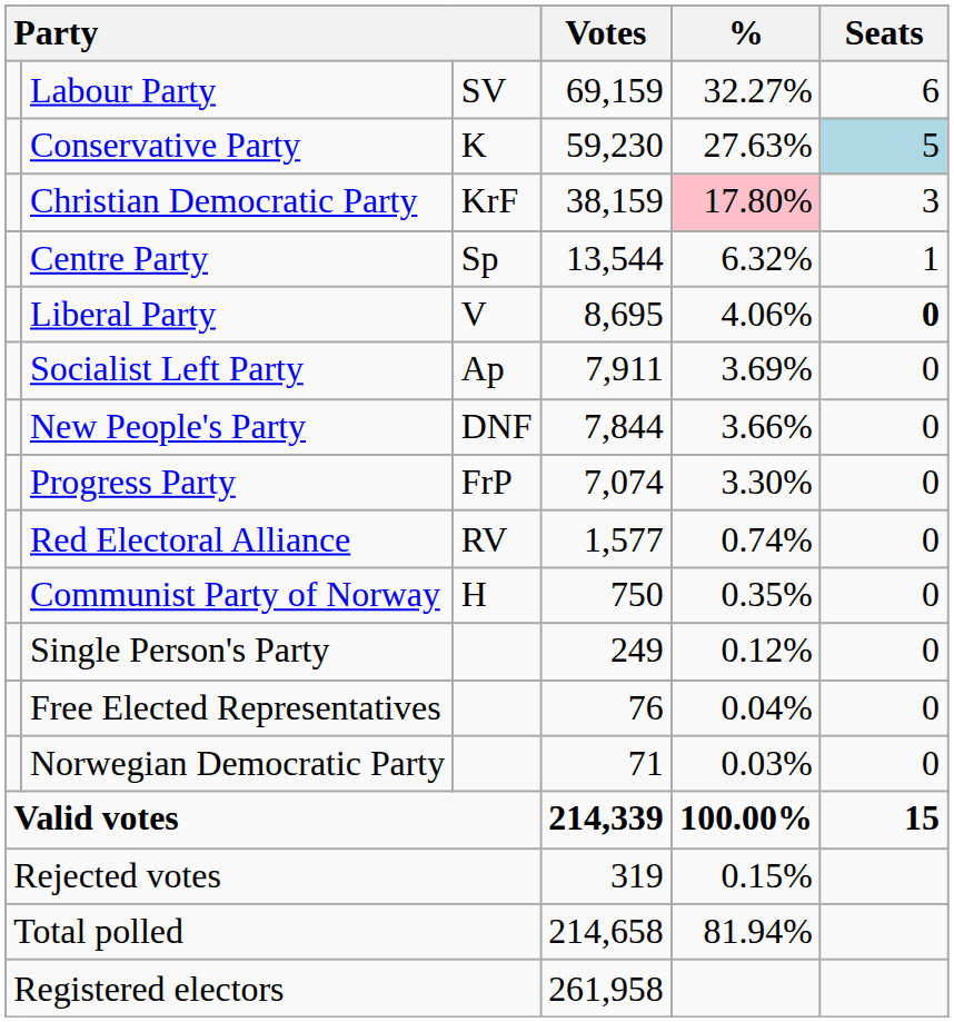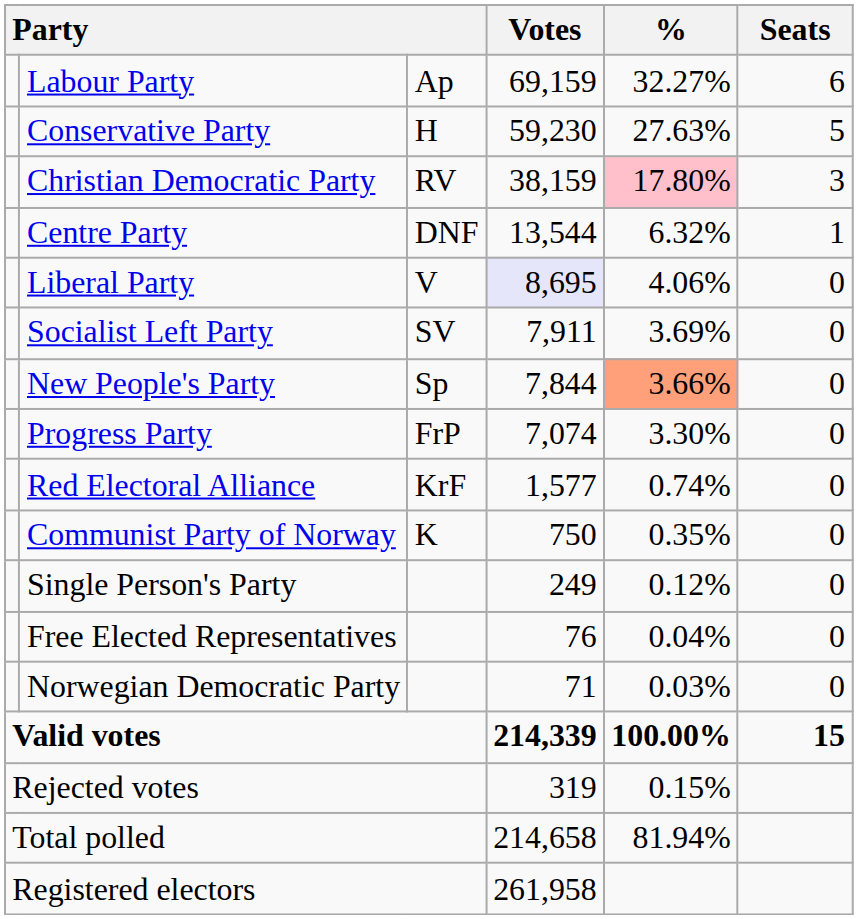 <table class="wikitable" border="1" style="text-align:right;">
 <tr>
 <th style="text-align:left;" colspan=3>Party</th>
 <th align=center width="50">Votes</th>
 <th align=center width="50">%</th>
 <th align=center width="50">Seats</th>
 </tr>
 <tr>
 <td style="color:inherit;background:"></td>
 <td align=left><a href='#'>Labour Party</a></td>
-<td align=left>SV</td>
+<td align=left>Ap</td>
 <td>69,159</td>
 <td>32.27%</td>
 <td>6</td>
 </tr>
 <tr>
 <td style="color:inherit;background:"></td>
 <td align=left><a href='#'>Conservative Party</a></td>
-<td align=left>K</td>
+<td align=left>H</td>
 <td>59,230</td>
 <td>27.63%</td>
-<td style="background: lightblue;">5</td>
+<td>5</td>
 </tr>
 <tr>
 <td style="color:inherit;background:"></td>
 <td align=left><a href='#'>Christian Democratic Party</a></td>
-<td align=left>KrF</td>
+<td align=left>RV</td>
 <td>38,159</td>
 <td style="background: pink;">17.80%</td>
 <td>3</td>
 </tr>
 <tr>
 <td style="color:inherit;background:"></td>
 <td align=left><a href='#'>Centre Party</a></td>
-<td align=left>Sp</td>
+<td align=left>DNF</td>
 <td>13,544</td>
 <td>6.32%</td>
 <td>1</td>
 </tr>
 <tr>
 <td style="color:inherit;background:"></td>
 <td align=left><a href='#'>Liberal Party</a></td>
 <td align=left>V</td>
-<td>8,695</td>
+<td style="background: lavender;">8,695</td>
 <td>4.06%</td>
-<td><strong>0</strong></td>
+<td>0</td>
 </tr>
 <tr>
 <td style="color:inherit;background:"></td>
 <td align=left><a href='#'>Socialist Left Party</a></td>
-<td align=left>Ap</td>
+<td align=left>SV</td>
 <td>7,911</td>
 <td>3.69%</td>
 <td>0</td>
 </tr>
 <tr>
 <td style="color:inherit;background:"></td>
 <td align=left><a href='#'>New People's Party</a></td>
-<td align=left>DNF</td>
+<td align=left>Sp</td>
 <td>7,844</td>
-<td>3.66%</td>
+<td style="background: lightsalmon;">3.66%</td>
 <td>0</td>
 </tr>
 <tr>
 <td style="color:inherit;background:"></td>
 <td align=left><a href='#'>Progress Party</a></td>
 <td align=left>FrP</td>
 <td>7,074</td>
 <td>3.30%</td>
 <td>0</td>
 </tr>
 <tr>
 <td style="color:inherit;background:"></td>
 <td align=left><a href='#'>Red Electoral Alliance</a></td>
-<td align=left>RV</td>
+<td align=left>KrF</td>
 <td>1,577</td>
 <td>0.74%</td>
 <td>0</td>
 </tr>
 <tr>
 <td style="color:inherit;background:"></td>
 <td align=left><a href='#'>Communist Party of Norway</a></td>
-<td align=left>H</td>
+<td align=left>K</td>
 <td>750</td>
 <td>0.35%</td>
 <td>0</td>
 </tr>
 <tr>
 <td></td>
 <td align=left>Single Person's Party</td>
 <td align=left></td>
 <td>249</td>
 <td>0.12%</td>
 <td>0</td>
 </tr>
 <tr>
 <td></td>
 <td align=left>Free Elected Representatives</td>
 <td align=left></td>
 <td>76</td>
 <td>0.04%</td>
 <td>0</td>
 </tr>
 <tr>
 <td></td>
 <td align=left>Norwegian Democratic Party</td>
 <td align=left></td>
 <td>71</td>
 <td>0.03%</td>
 <td>0</td>
 </tr>
 <tr style="font-weight:bold">
 <td align=left colspan=3>Valid votes</td>
 <td>214,339</td>
 <td>100.00%</td>
 <td>15</td>
 </tr>
 <tr>
 <td align=left colspan=3>Rejected votes</td>
 <td>319</td>
 <td>0.15%</td>
 <td></td>
 </tr>
 <tr>
 <td align=left colspan=3>Total polled</td>
 <td>214,658</td>
 <td>81.94%</td>
 <td></td>
 </tr>
 <tr>
 <td align=left colspan=3>Registered electors</td>
 <td>261,958</td>
 <td></td>
 <td></td>
 </tr>
 </table>
